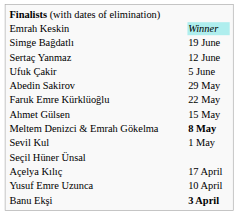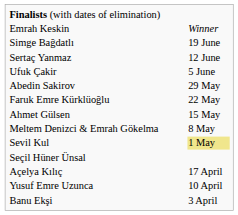 <table class="infobox" style="width:22em">
 <tr>
 <td colspan=2><strong>Finalists</strong> (with dates of elimination)</td>
 </tr>
 <tr>
 <td>Emrah Keskin</td>
-<td style="background: paleturquoise;"><em>Winner</em></td>
+<td><em>Winner</em></td>
 </tr>
 <tr>
 <td>Simge Bağdatlı</td>
 <td>19 June</td>
 </tr>
 <tr>
 <td>Sertaç Yanmaz</td>
 <td>12 June</td>
 </tr>
 <tr>
 <td>Ufuk Çakir</td>
 <td>5 June</td>
 </tr>
 <tr>
 <td>Abedin Sakirov</td>
 <td>29 May</td>
 </tr>
 <tr>
 <td>Faruk Emre Kürklüoğlu</td>
 <td>22 May</td>
 </tr>
 <tr>
 <td>Ahmet Gülsen</td>
 <td>15 May</td>
 </tr>
 <tr>
 <td>Meltem Denizci & Emrah Gökelma</td>
-<td><strong>8 May</strong></td>
+<td>8 May</td>
 </tr>
 <tr>
 <td>Sevil Kul</td>
-<td>1 May</td>
+<td style="background: khaki;">1 May</td>
 </tr>
 <tr>
 <td>Seçil Hüner Ünsal</td>
 <td></td>
 </tr>
 <tr>
 <td>Açelya Kılıç</td>
 <td>17 April</td>
 </tr>
 <tr>
 <td>Yusuf Emre Uzunca</td>
 <td>10 April</td>
 </tr>
 <tr>
 <td>Banu Ekşi</td>
-<td><strong>3 April</strong></td>
+<td>3 April</td>
 </tr>
 </table>
